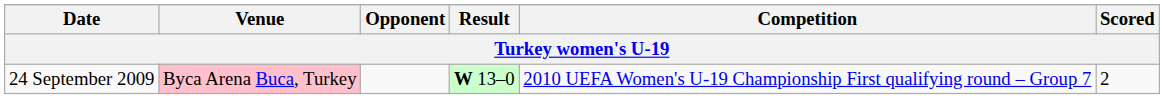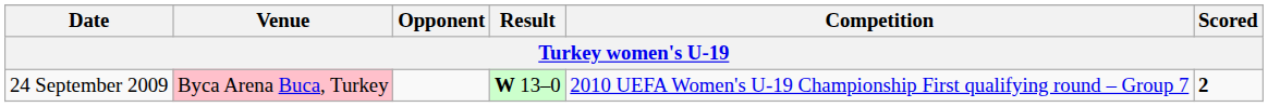 <table class=wikitable>
 <tr>
 </tr>
 <tr>
 <th>Date</th>
 <th>Venue</th>
 <th>Opponent</th>
 <th>Result</th>
 <th>Competition</th>
 <th>Scored</th>
 </tr>
 <tr>
 <th colspan=6><a href='#'>Turkey women's U-19</a></th>
 </tr>
 <tr>
 <td>24 September 2009</td>
 <td style="background: pink;">Byca Arena <a href='#'>Buca</a>, Turkey</td>
 <td></td>
 <td bgcolor=#cfc><strong>W</strong> 13–0</td>
 <td><a href='#'>2010 UEFA Women's U-19 Championship First qualifying round – Group 7</a></td>
-<td>2</td>
+<td><strong>2</strong></td>
 </tr>
 </table>
